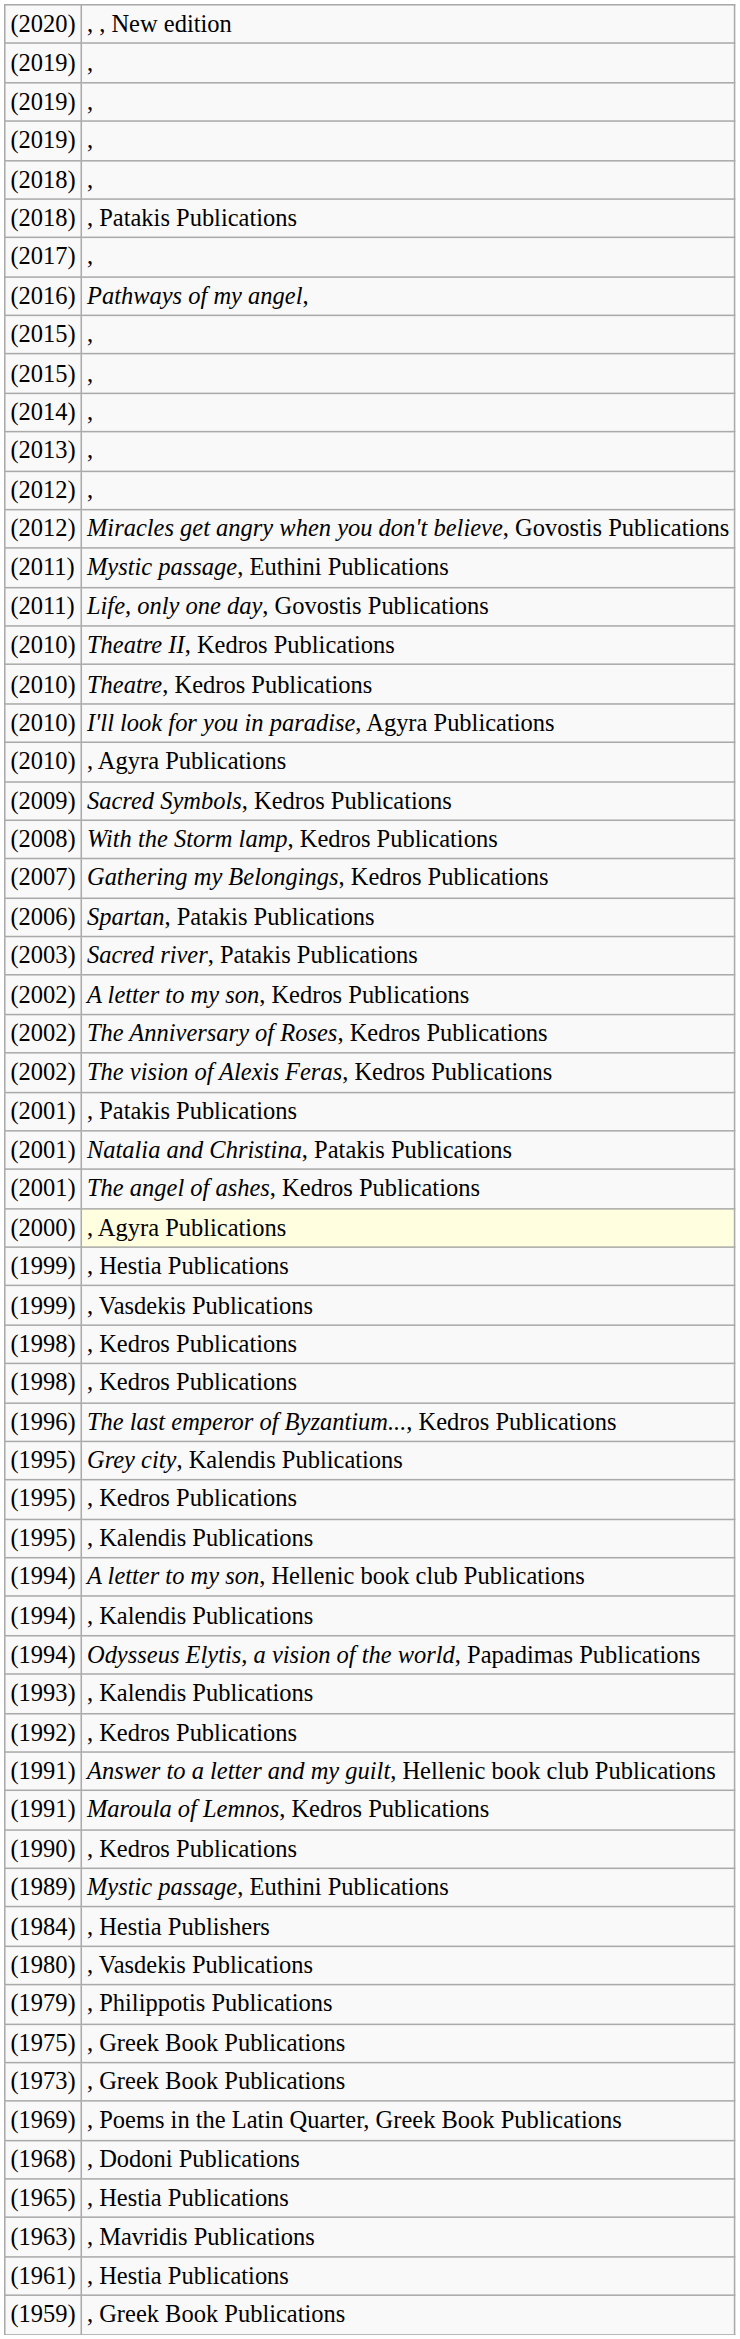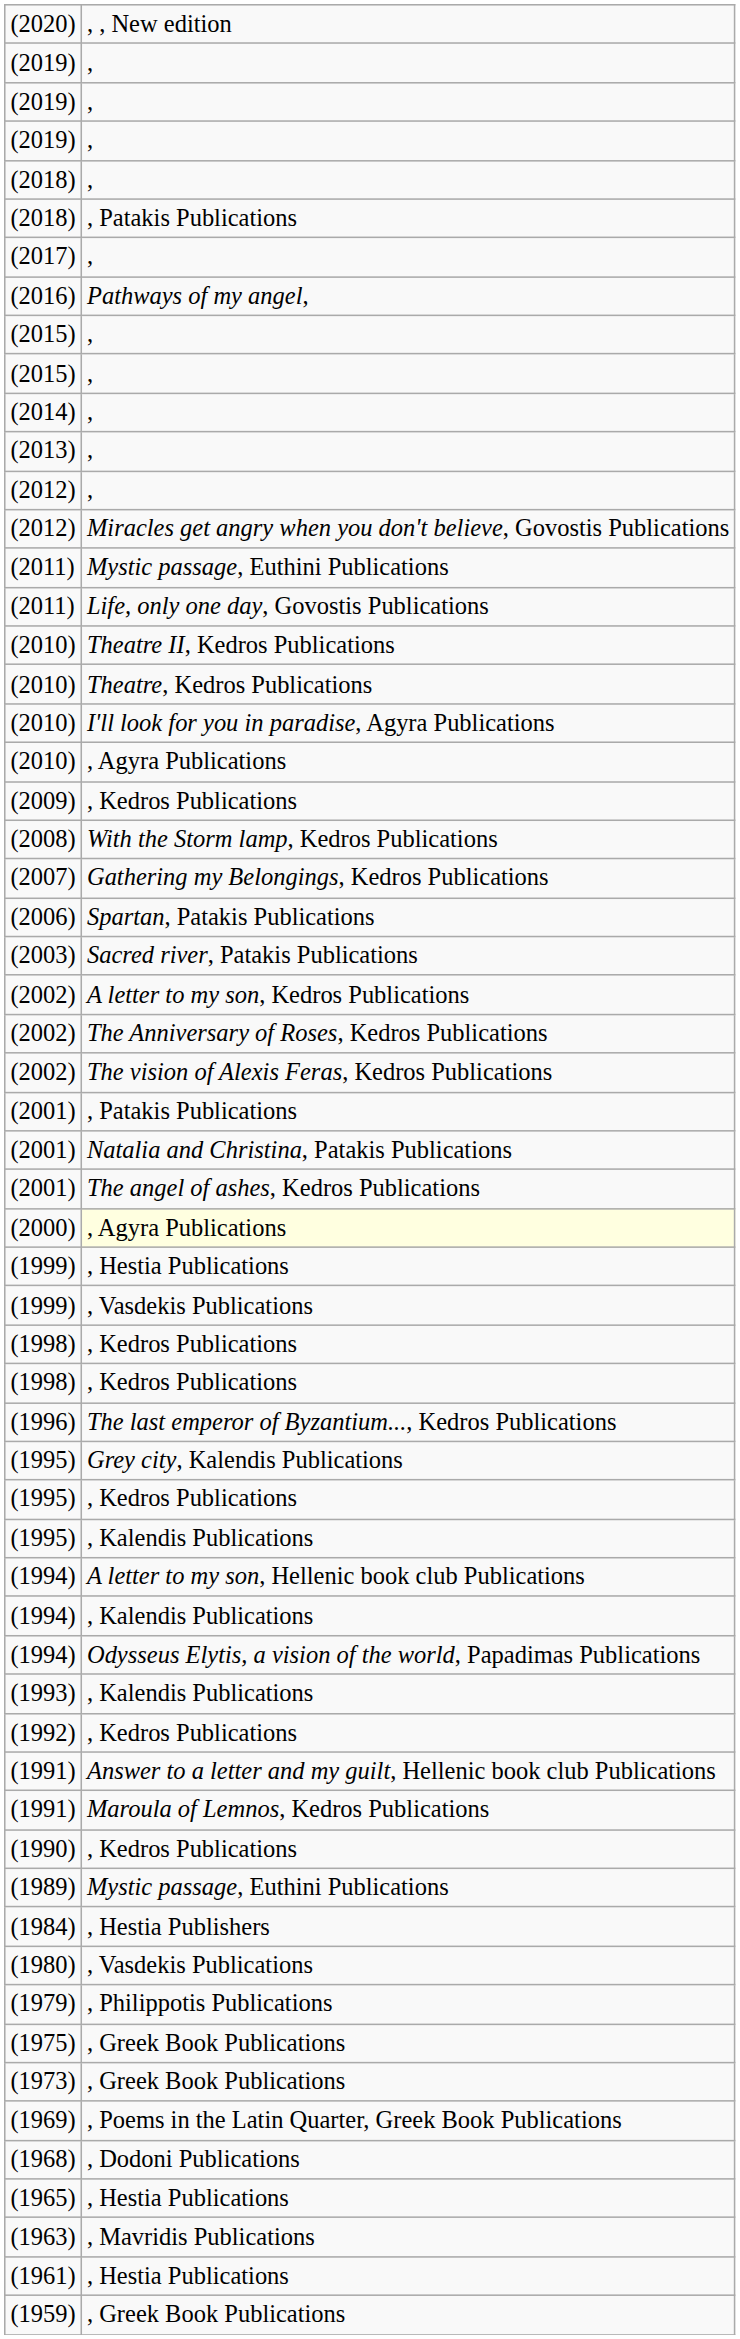 <table class="wikitable">
 <tr>
 <td>(2020)</td>
 <td>, , New edition</td>
 </tr>
 <tr>
 <td>(2019)</td>
 <td>, </td>
 </tr>
 <tr>
 <td>(2019)</td>
 <td>, </td>
 </tr>
 <tr>
 <td>(2019)</td>
 <td><em></em>, </td>
 </tr>
 <tr>
 <td>(2018)</td>
 <td>, </td>
 </tr>
 <tr>
 <td>(2018)</td>
 <td><em></em>, Patakis Publications</td>
 </tr>
 <tr>
 <td>(2017)</td>
 <td><em></em>, </td>
 </tr>
 <tr>
 <td>(2016)</td>
 <td><em>Pathways of my angel</em>, </td>
 </tr>
 <tr>
 <td>(2015)</td>
 <td><em></em>, </td>
 </tr>
 <tr>
 <td>(2015)</td>
 <td><em></em>, </td>
 </tr>
 <tr>
 <td>(2014)</td>
 <td><em></em>, </td>
 </tr>
 <tr>
 <td>(2013)</td>
 <td><em></em>, </td>
 </tr>
 <tr>
 <td>(2012)</td>
 <td><em></em>, </td>
 </tr>
 <tr>
 <td>(2012)</td>
 <td><em>Miracles get angry when you don't believe</em>, Govostis Publications</td>
 </tr>
 <tr>
 <td>(2011)</td>
 <td><em>Mystic passage</em>, Euthini Publications</td>
 </tr>
 <tr>
 <td>(2011)</td>
 <td><em> Life, only one day</em>, Govostis Publications</td>
 </tr>
 <tr>
 <td>(2010)</td>
 <td><em>Theatre II</em>, Kedros Publications</td>
 </tr>
 <tr>
 <td>(2010)</td>
 <td><em>Theatre</em>, Kedros Publications</td>
 </tr>
 <tr>
 <td>(2010)</td>
 <td><em> I'll look for you in paradise</em>, Agyra Publications</td>
 </tr>
 <tr>
 <td>(2010)</td>
 <td><em></em>, Agyra Publications</td>
 </tr>
 <tr>
 <td>(2009)</td>
-<td><em>Sacred Symbols</em>, Kedros Publications</td>
+<td><em></em>, Kedros Publications</td>
 </tr>
 <tr>
 <td>(2008)</td>
 <td><em>With the Storm lamp</em>, Kedros Publications</td>
 </tr>
 <tr>
 <td>(2007)</td>
 <td><em>Gathering my Belongings</em>, Kedros Publications</td>
 </tr>
 <tr>
 <td>(2006)</td>
 <td><em>Spartan</em>, Patakis Publications</td>
 </tr>
 <tr>
 <td>(2003)</td>
 <td><em>Sacred river</em>, Patakis Publications</td>
 </tr>
 <tr>
 <td>(2002)</td>
 <td><em>A letter to my son</em>, Kedros Publications</td>
 </tr>
 <tr>
 <td>(2002)</td>
 <td><em>The Anniversary of Roses</em>, Kedros Publications</td>
 </tr>
 <tr>
 <td>(2002)</td>
 <td><em>The vision of Alexis Feras</em>, Kedros Publications</td>
 </tr>
 <tr>
 <td>(2001)</td>
 <td><em></em>, Patakis Publications</td>
 </tr>
 <tr>
 <td>(2001)</td>
 <td><em>Natalia and Christina</em>, Patakis Publications</td>
 </tr>
 <tr>
 <td>(2001)</td>
 <td><em>The angel of ashes</em>, Kedros Publications</td>
 </tr>
 <tr>
 <td>(2000)</td>
 <td style="background: lightyellow;"><em></em>, Agyra Publications</td>
 </tr>
 <tr>
 <td>(1999)</td>
 <td>, Hestia Publications</td>
 </tr>
 <tr>
 <td>(1999)</td>
 <td><em></em>, Vasdekis Publications</td>
 </tr>
 <tr>
 <td>(1998)</td>
 <td><em></em>, Kedros Publications</td>
 </tr>
 <tr>
 <td>(1998)</td>
 <td><em></em>, Kedros Publications</td>
 </tr>
 <tr>
 <td>(1996)</td>
 <td><em>The last emperor of Byzantium...</em>, Kedros Publications</td>
 </tr>
 <tr>
 <td>(1995)</td>
 <td><em>Grey city</em>, Kalendis Publications</td>
 </tr>
 <tr>
 <td>(1995)</td>
 <td><em></em>, Kedros Publications</td>
 </tr>
 <tr>
 <td>(1995)</td>
 <td><em></em>, Kalendis Publications</td>
 </tr>
 <tr>
 <td>(1994)</td>
 <td><em>A letter to my son</em>, Hellenic book club Publications</td>
 </tr>
 <tr>
 <td>(1994)</td>
 <td><em></em>, Kalendis Publications</td>
 </tr>
 <tr>
 <td>(1994)</td>
 <td><em>Odysseus Elytis, a vision of the world</em>, Papadimas Publications</td>
 </tr>
 <tr>
 <td>(1993)</td>
 <td><em></em>, Kalendis Publications</td>
 </tr>
 <tr>
 <td>(1992)</td>
 <td><em></em>, Kedros Publications</td>
 </tr>
 <tr>
 <td>(1991)</td>
 <td><em>Answer to a letter and my guilt</em>, Hellenic book club Publications</td>
 </tr>
 <tr>
 <td>(1991)</td>
 <td><em>Maroula of Lemnos</em>, Kedros Publications</td>
 </tr>
 <tr>
 <td>(1990)</td>
 <td><em></em>, Kedros Publications</td>
 </tr>
 <tr>
 <td>(1989)</td>
 <td><em>Mystic passage</em>, Euthini Publications</td>
 </tr>
 <tr>
 <td>(1984)</td>
 <td><em></em>, Hestia Publishers</td>
 </tr>
 <tr>
 <td>(1980)</td>
 <td><em></em>, Vasdekis Publications</td>
 </tr>
 <tr>
 <td>(1979)</td>
 <td>, Philippotis Publications</td>
 </tr>
 <tr>
 <td>(1975)</td>
 <td>, Greek Book Publications</td>
 </tr>
 <tr>
 <td>(1973)</td>
 <td>, Greek Book Publications</td>
 </tr>
 <tr>
 <td>(1969)</td>
 <td>, Poems in the Latin Quarter, Greek Book Publications</td>
 </tr>
 <tr>
 <td>(1968)</td>
 <td>, Dodoni Publications</td>
 </tr>
 <tr>
 <td>(1965)</td>
 <td>, Hestia Publications</td>
 </tr>
 <tr>
 <td>(1963)</td>
 <td>, Mavridis Publications</td>
 </tr>
 <tr>
 <td>(1961)</td>
 <td>, Hestia Publications</td>
 </tr>
 <tr>
 <td>(1959)</td>
 <td>, Greek Book Publications</td>
 </tr>
 </table>
